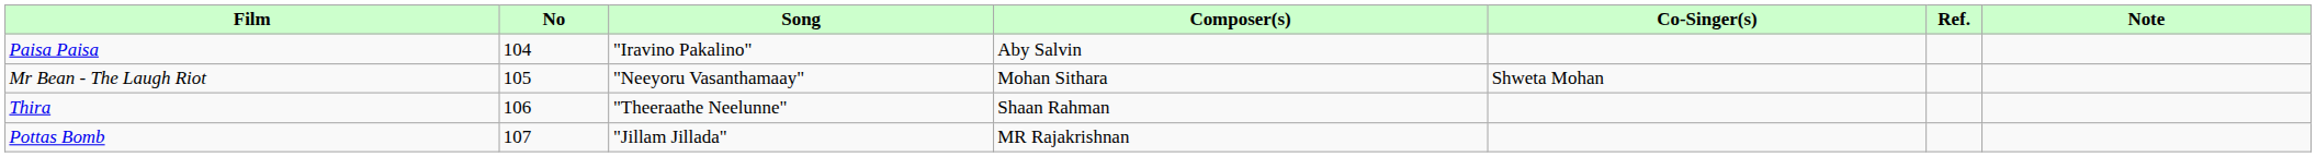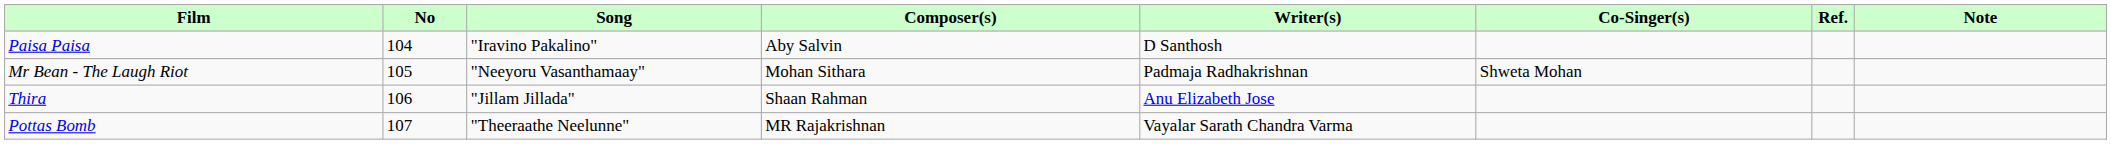 <table class="wikitable plainrowheaders" style="width:100%;" textcolor:#000;" style="align:center;">
 <tr style="background:#cfc; text-align:center;">
 <td scope="col" style="width:18%;"><strong>Film</strong></td>
 <td scope="col" style="width:4%;"><strong>No</strong></td>
 <td scope="col" style="width:14%;"><strong>Song</strong></td>
 <td scope="col" style="width:18%;"><strong>Composer(s)</strong></td>
+<td scope="col" style="width:16%;"><strong>Writer(s)</strong></td>
 <td scope="col" style="width:16%;"><strong>Co-Singer(s)</strong></td>
 <td scope="col" style="width:2%;"><strong>Ref.</strong></td>
 <td scope="col" style="width:12%;"><strong>Note</strong></td>
 </tr>
 <tr>
 <td><em><a href='#'>Paisa Paisa</a></em></td>
 <td>104</td>
 <td>"Iravino Pakalino"</td>
 <td>Aby Salvin</td>
+<td>D Santhosh</td>
 <td></td>
 <td></td>
 <td></td>
 </tr>
 <tr>
 <td><em>Mr Bean - The Laugh Riot</em></td>
 <td>105</td>
 <td>"Neeyoru Vasanthamaay"</td>
 <td>Mohan Sithara</td>
+<td>Padmaja Radhakrishnan</td>
 <td>Shweta Mohan</td>
 <td></td>
 <td></td>
 </tr>
 <tr>
 <td><em><a href='#'>Thira</a></em></td>
 <td>106</td>
-<td>"Theeraathe Neelunne"</td>
+<td>"Jillam Jillada"</td>
 <td>Shaan Rahman</td>
+<td><a href='#'>Anu Elizabeth Jose</a></td>
 <td></td>
 <td></td>
 <td></td>
 </tr>
 <tr>
 <td><em><a href='#'>Pottas Bomb</a></em></td>
 <td>107</td>
-<td>"Jillam Jillada"</td>
+<td>"Theeraathe Neelunne"</td>
 <td>MR Rajakrishnan</td>
+<td>Vayalar Sarath Chandra Varma</td>
 <td></td>
 <td></td>
 <td></td>
 </tr>
 </table>
